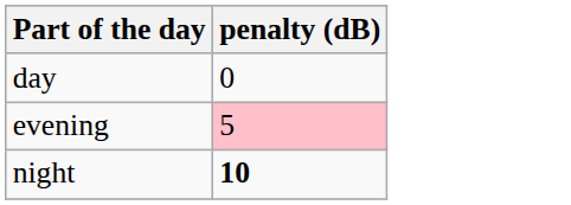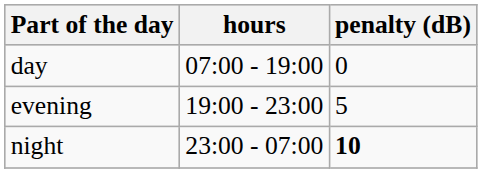 <table class="wikitable">
 <tr>
 <th>Part of the day</th>
+<th>hours</th>
 <th>penalty (dB)</th>
 </tr>
 <tr>
 <td>day</td>
+<td>07:00 - 19:00</td>
 <td>0</td>
 </tr>
 <tr>
 <td>evening</td>
-<td style="background: pink;">5</td>
+<td>19:00 - 23:00</td>
+<td>5</td>
 </tr>
 <tr>
 <td>night</td>
+<td>23:00 - 07:00</td>
 <td><strong>10</strong></td>
 </tr>
 </table>
